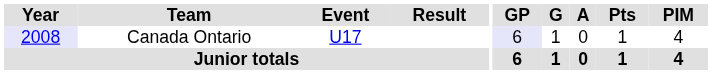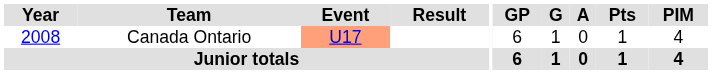 <table border="0" cellpadding="1" cellspacing="0" ID="Table3" style="text-align:center; width:40em">
 <tr ALIGN="center" bgcolor="#e0e0e0">
 <th>Year</th>
 <th>Team</th>
 <th>Event</th>
 <th>Result</th>
 <th rowspan="99" bgcolor="#ffffff"></th>
 <th>GP</th>
 <th>G</th>
 <th>A</th>
 <th>Pts</th>
 <th>PIM</th>
 </tr>
 <tr>
-<td style="background: lavender;"><a href='#'>2008</a></td>
+<td><a href='#'>2008</a></td>
 <td>Canada Ontario</td>
-<td><a href='#'>U17</a></td>
+<td style="background: lightsalmon;"><a href='#'>U17</a></td>
 <td></td>
-<td style="background: lavender;">6</td>
+<td>6</td>
 <td>1</td>
 <td>0</td>
 <td>1</td>
 <td>4</td>
 </tr>
 <tr bgcolor="#e0e0e0">
 <th colspan="4">Junior totals</th>
 <th>6</th>
 <th>1</th>
 <th>0</th>
 <th>1</th>
 <th>4</th>
 </tr>
 </table>
